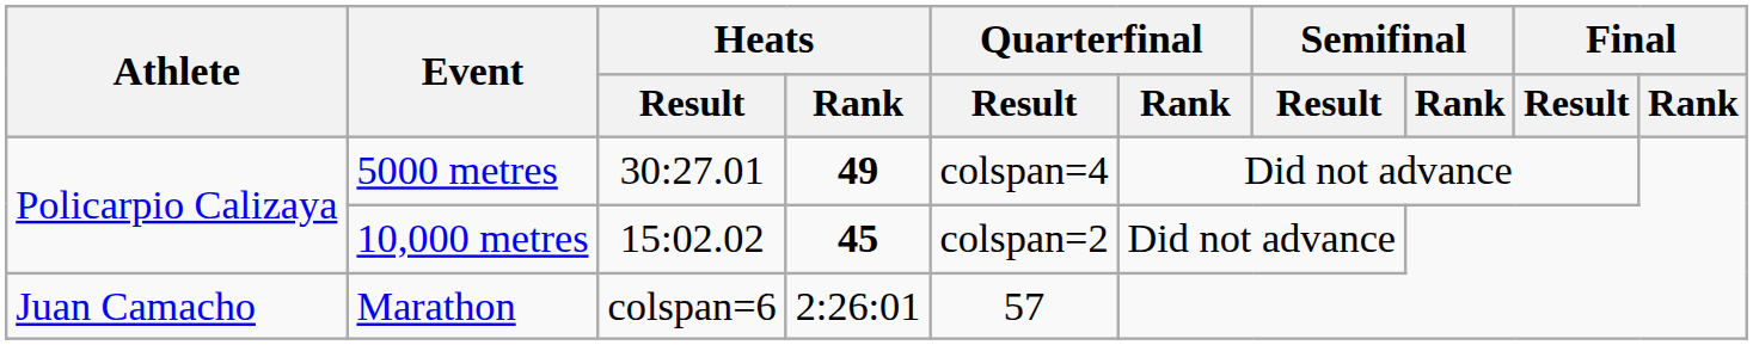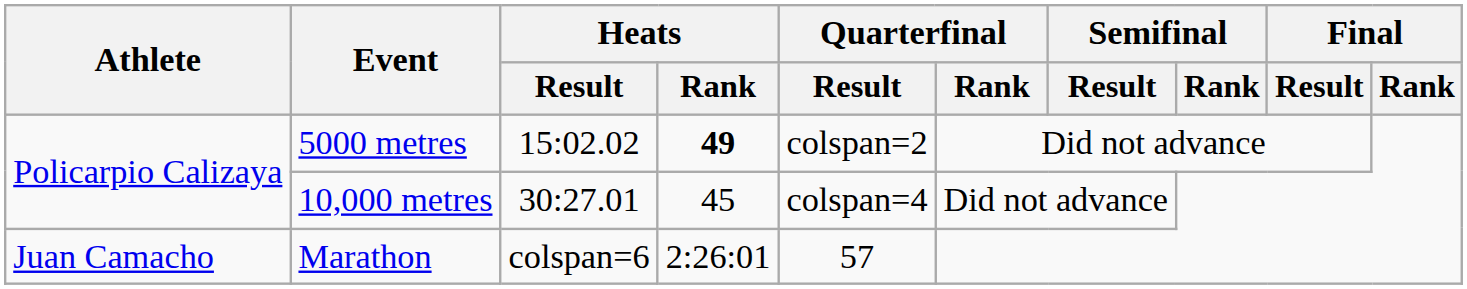 <table class="wikitable" style="font-size:90%">
 <tr>
 <th rowspan="2">Athlete</th>
 <th rowspan="2">Event</th>
 <th colspan="2">Heats</th>
 <th colspan="2">Quarterfinal</th>
 <th colspan="2">Semifinal</th>
 <th colspan="2">Final</th>
 </tr>
 <tr style="font-size:95%">
 <th>Result</th>
 <th>Rank</th>
 <th>Result</th>
 <th>Rank</th>
 <th>Result</th>
 <th>Rank</th>
 <th>Result</th>
 <th>Rank</th>
 </tr>
 <tr align=center>
 <td align=left rowspan=2><a href='#'>Policarpio Calizaya</a></td>
 <td align=left><a href='#'>5000 metres</a></td>
-<td>30:27.01</td>
+<td>15:02.02</td>
 <td><strong>49</strong></td>
-<td>colspan=4</td>
+<td>colspan=2</td>
 <td colspan=4>Did not advance</td>
 </tr>
 <tr align=center>
 <td align=left><a href='#'>10,000 metres</a></td>
-<td>15:02.02</td>
-<td><strong>45</strong></td>
-<td>colspan=2</td>
+<td>30:27.01</td>
+<td>45</td>
+<td>colspan=4</td>
 <td colspan=2>Did not advance</td>
 </tr>
 <tr align=center>
 <td align=left><a href='#'>Juan Camacho</a></td>
 <td align=left><a href='#'>Marathon</a></td>
 <td>colspan=6</td>
 <td>2:26:01</td>
 <td>57</td>
 </tr>
 </table>
